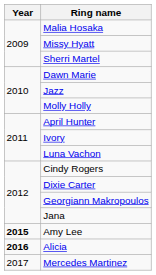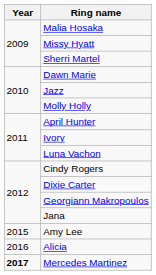 <table class="wikitable sortable" style="font-size: 95%">
 <tr>
 <th width="25%">Year</th>
 <th width="75%">Ring name</th>
 </tr>
 <tr>
 <td rowspan=3>2009</td>
 <td><a href='#'>Malia Hosaka</a></td>
 </tr>
 <tr>
 <td><a href='#'>Missy Hyatt</a></td>
 </tr>
 <tr>
 <td><a href='#'>Sherri Martel</a></td>
 </tr>
 <tr>
 <td rowspan=3>2010</td>
 <td><a href='#'>Dawn Marie</a></td>
 </tr>
 <tr>
 <td><a href='#'>Jazz</a></td>
 </tr>
 <tr>
 <td><a href='#'>Molly Holly</a></td>
 </tr>
 <tr>
 <td rowspan=3>2011</td>
 <td><a href='#'>April Hunter</a></td>
 </tr>
 <tr>
 <td><a href='#'>Ivory</a></td>
 </tr>
 <tr>
 <td><a href='#'>Luna Vachon</a></td>
 </tr>
 <tr>
 <td rowspan=4>2012</td>
 <td>Cindy Rogers</td>
 </tr>
 <tr>
 <td><a href='#'>Dixie Carter</a></td>
 </tr>
 <tr>
 <td><a href='#'>Georgiann Makropoulos</a></td>
 </tr>
 <tr>
 <td>Jana</td>
 </tr>
 <tr>
-<td><strong>2015</strong></td>
+<td>2015</td>
 <td>Amy Lee</td>
 </tr>
 <tr>
-<td><strong>2016</strong></td>
+<td>2016</td>
 <td><a href='#'>Alicia</a></td>
 </tr>
 <tr>
-<td>2017</td>
+<td><strong>2017</strong></td>
 <td><a href='#'>Mercedes Martinez</a></td>
 </tr>
 </table>
